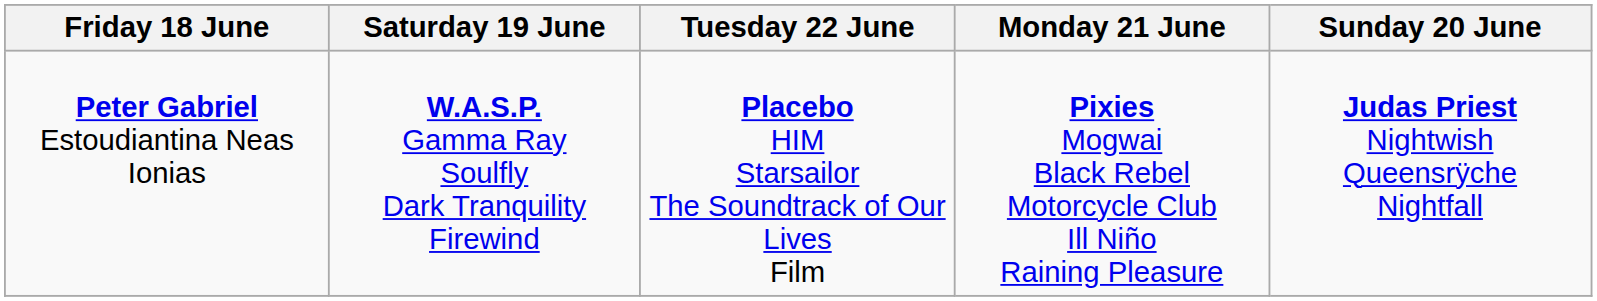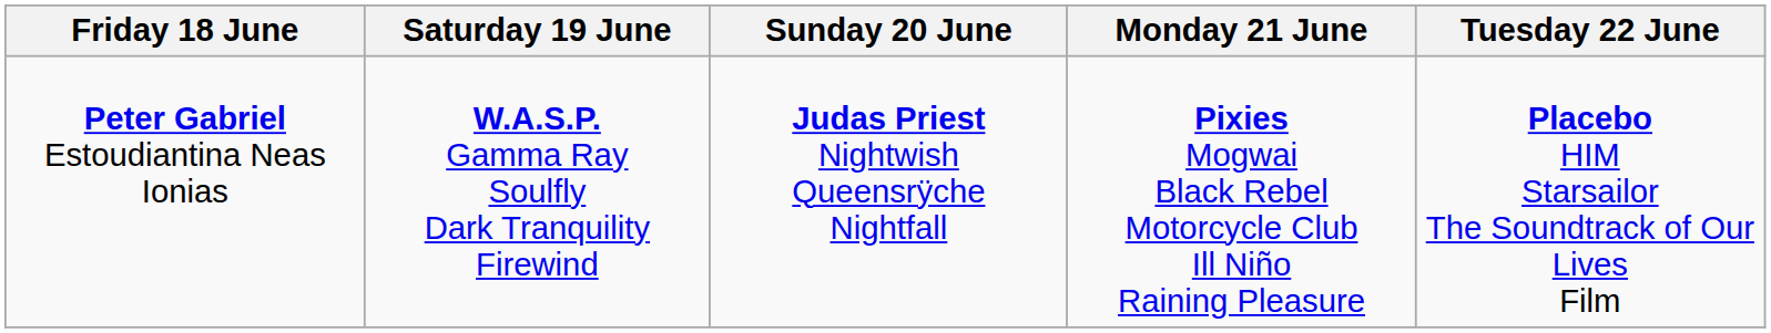 <table class="wikitable">
 <tr>
 <th>Friday 18 June</th>
 <th>Saturday 19 June</th>
+<th>Sunday 20 June</th>
+<th>Monday 21 June</th>
 <th>Tuesday 22 June</th>
-<th>Monday 21 June</th>
-<th>Sunday 20 June</th>
 </tr>
 <tr>
 <td valign="top" align="center" width=200><br><strong><a href='#'>Peter Gabriel</a></strong> <br>Estoudiantina Neas Ionias</td>
 <td valign="top" align="center" width=200><br><strong><a href='#'>W.A.S.P.</a></strong> <br><a href='#'>Gamma Ray</a> <br><a href='#'>Soulfly</a> <br><a href='#'>Dark Tranquility</a> <br><a href='#'>Firewind</a></td>
+<td valign="top" align="center" width=200><br><strong><a href='#'>Judas Priest</a></strong> <br><a href='#'>Nightwish</a> <br><a href='#'>Queensrÿche</a> <br><a href='#'>Nightfall</a></td>
+<td valign="top" align="center" width=200><br><strong><a href='#'>Pixies</a></strong> <br><a href='#'>Mogwai</a> <br><a href='#'>Black Rebel Motorcycle Club</a> <br><a href='#'>Ill Niño</a> <br><a href='#'>Raining Pleasure</a></td>
 <td valign="top" align="center" width=200><br><strong><a href='#'>Placebo</a></strong> <br><a href='#'>HIM</a> <br><a href='#'>Starsailor</a> <br><a href='#'>The Soundtrack of Our Lives</a> <br>Film</td>
-<td valign="top" align="center" width=200><br><strong><a href='#'>Pixies</a></strong> <br><a href='#'>Mogwai</a> <br><a href='#'>Black Rebel Motorcycle Club</a> <br><a href='#'>Ill Niño</a> <br><a href='#'>Raining Pleasure</a></td>
-<td valign="top" align="center" width=200><br><strong><a href='#'>Judas Priest</a></strong> <br><a href='#'>Nightwish</a> <br><a href='#'>Queensrÿche</a> <br><a href='#'>Nightfall</a></td>
 </tr>
 </table>
